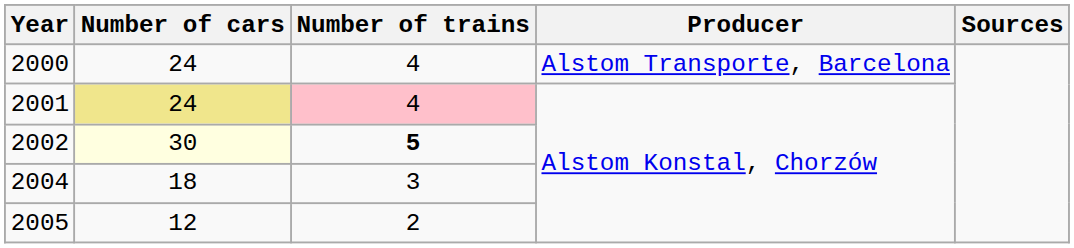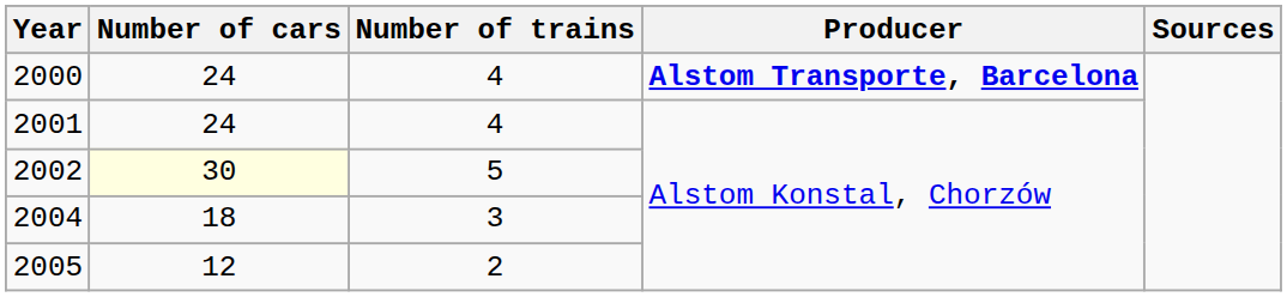 <table class="wikitable" style="text-align:center;">
 <tr>
 <th>Year</th>
 <th>Number of cars</th>
 <th>Number of trains</th>
 <th>Producer</th>
 <th>Sources</th>
 </tr>
 <tr>
 <td>2000</td>
 <td>24</td>
 <td>4</td>
-<td align="left"><a href='#'>Alstom Transporte</a>, <a href='#'>Barcelona</a></td>
+<td align="left"><strong><a href='#'>Alstom Transporte</a>, <a href='#'>Barcelona</a></strong></td>
 <td rowspan="5"></td>
 </tr>
 <tr>
 <td>2001</td>
-<td style="background: khaki;">24</td>
-<td style="background: pink;">4</td>
+<td>24</td>
+<td>4</td>
 <td rowspan="4" align="left"><a href='#'>Alstom Konstal</a>, <a href='#'>Chorzów</a></td>
 </tr>
 <tr>
 <td>2002</td>
 <td style="background: lightyellow;">30</td>
-<td><strong>5</strong></td>
+<td>5</td>
 </tr>
 <tr>
 <td>2004</td>
 <td>18</td>
 <td>3</td>
 </tr>
 <tr>
 <td>2005</td>
 <td>12</td>
 <td>2</td>
 </tr>
 </table>
